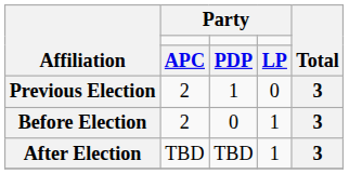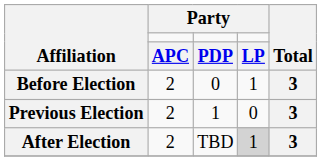 <table class=wikitable style="text-align:center">
 <tr style="vertical-align:bottom;">
 <th rowspan=3>Affiliation</th>
 <th colspan=3>Party</th>
 <th rowspan=3>Total</th>
 </tr>
 <tr>
 <td style="background-color:"></td>
 <td style="background-color:"></td>
 <td style="background-color:"></td>
 </tr>
 <tr>
 <th><a href='#'>APC</a></th>
 <th><a href='#'>PDP</a></th>
 <th><a href='#'>LP</a></th>
 </tr>
 <tr>
+<th>Before Election</th>
+<td>2</td>
+<td>0</td>
+<td>1</td>
+<th>3</th>
+</tr>
+<tr>
 <th>Previous Election</th>
 <td>2</td>
 <td>1</td>
 <td>0</td>
 <th>3</th>
 </tr>
 <tr>
-<th>Before Election</th>
+<th>After Election</th>
 <td>2</td>
-<td>0</td>
-<td>1</td>
-<th>3</th>
-</tr>
-<tr>
-<th>After Election</th>
 <td>TBD</td>
-<td>TBD</td>
-<td>1</td>
+<td style="background: lightgrey;">1</td>
 <th>3</th>
 </tr>
 <tr>
 </tr>
 </table>
